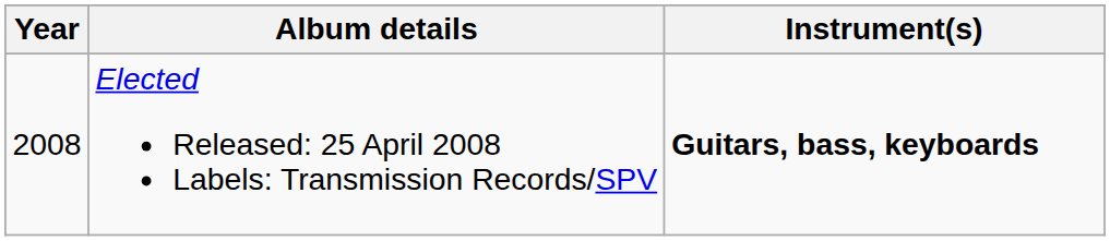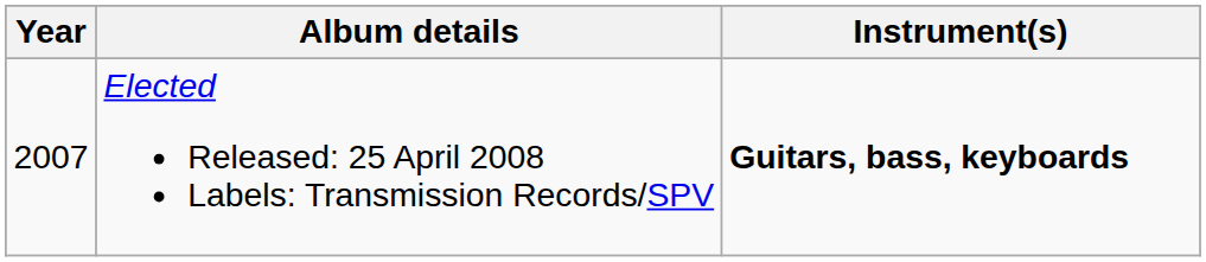 <table class="wikitable">
 <tr>
 <th>Year</th>
 <th>Album details</th>
 <th width=40%>Instrument(s)</th>
 </tr>
 <tr>
-<td>2008</td>
+<td>2007</td>
 <td><em><a href='#'>Elected</a></em><br><ul><li>Released: 25 April 2008</li><li>Labels: Transmission Records/<a href='#'>SPV</a></li></ul></td>
 <td><strong>Guitars, bass, keyboards</strong></td>
 </tr>
 </table>
